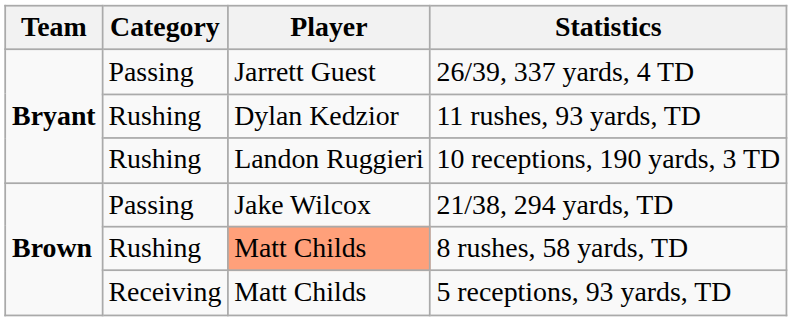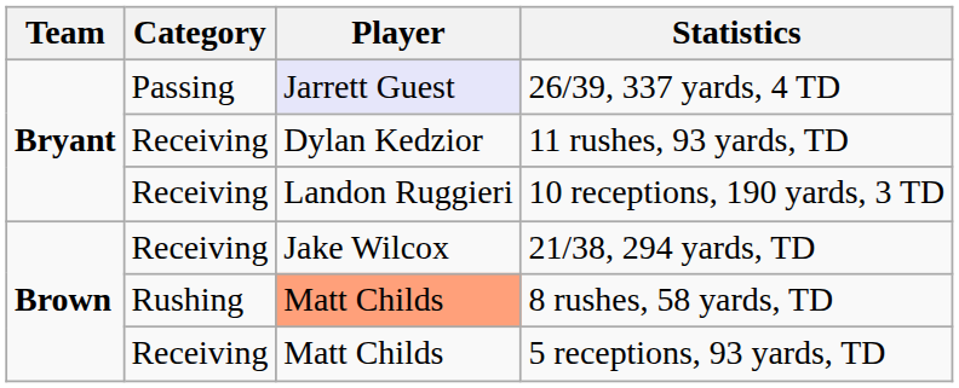 <table class="wikitable" style="float: right;">
 <tr>
 <th>Team</th>
 <th>Category</th>
 <th>Player</th>
 <th>Statistics</th>
 </tr>
 <tr>
 <td rowspan=3><strong>Bryant</strong></td>
 <td>Passing</td>
-<td>Jarrett Guest</td>
+<td style="background: lavender;">Jarrett Guest</td>
 <td>26/39, 337 yards, 4 TD</td>
 </tr>
 <tr>
-<td>Rushing</td>
+<td>Receiving</td>
 <td>Dylan Kedzior</td>
 <td>11 rushes, 93 yards, TD</td>
 </tr>
 <tr>
-<td>Rushing</td>
+<td>Receiving</td>
 <td>Landon Ruggieri</td>
 <td>10 receptions, 190 yards, 3 TD</td>
 </tr>
 <tr>
 <td rowspan=3><strong>Brown</strong></td>
-<td>Passing</td>
+<td>Receiving</td>
 <td>Jake Wilcox</td>
 <td>21/38, 294 yards, TD</td>
 </tr>
 <tr>
 <td>Rushing</td>
 <td style="background: lightsalmon;">Matt Childs</td>
 <td>8 rushes, 58 yards, TD</td>
 </tr>
 <tr>
 <td>Receiving</td>
 <td>Matt Childs</td>
 <td>5 receptions, 93 yards, TD</td>
 </tr>
 </table>
